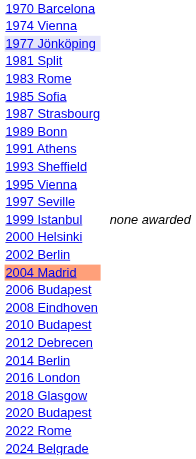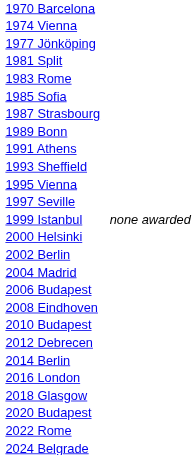 <table>
 <tr>
 <td><a href='#'>1970 Barcelona</a></td>
 <td></td>
 <td></td>
 <td></td>
 </tr>
 <tr>
 <td><a href='#'>1974 Vienna</a></td>
 <td></td>
 <td></td>
 <td></td>
 </tr>
 <tr>
-<td style="background: lavender;"><a href='#'>1977 Jönköping</a></td>
+<td><a href='#'>1977 Jönköping</a></td>
 <td></td>
 <td></td>
 <td></td>
 </tr>
 <tr>
 <td><a href='#'>1981 Split</a></td>
 <td></td>
 <td></td>
 <td></td>
 </tr>
 <tr>
 <td><a href='#'>1983 Rome</a></td>
 <td></td>
 <td></td>
 <td></td>
 </tr>
 <tr>
 <td><a href='#'>1985 Sofia</a></td>
 <td></td>
 <td></td>
 <td></td>
 </tr>
 <tr>
 <td><a href='#'>1987 Strasbourg</a></td>
 <td></td>
 <td></td>
 <td></td>
 </tr>
 <tr>
 <td><a href='#'>1989 Bonn</a></td>
 <td></td>
 <td></td>
 <td></td>
 </tr>
 <tr>
 <td><a href='#'>1991 Athens</a></td>
 <td></td>
 <td></td>
 <td></td>
 </tr>
 <tr>
 <td><a href='#'>1993 Sheffield</a></td>
 <td></td>
 <td></td>
 <td></td>
 </tr>
 <tr>
 <td><a href='#'>1995 Vienna</a></td>
 <td></td>
 <td></td>
 <td></td>
 </tr>
 <tr>
 <td><a href='#'>1997 Seville</a></td>
 <td></td>
 <td></td>
 <td></td>
 </tr>
 <tr>
 <td rowspan=2><a href='#'>1999 Istanbul</a></td>
 <td rowspan=2></td>
 <td></td>
 <td rowspan=2><em>none awarded</em></td>
 </tr>
 <tr>
 <td></td>
 </tr>
 <tr>
 <td><a href='#'>2000 Helsinki</a></td>
 <td></td>
 <td></td>
 <td></td>
 </tr>
 <tr>
 <td><a href='#'>2002 Berlin</a></td>
 <td></td>
 <td></td>
 <td></td>
 </tr>
 <tr>
-<td style="background: lightsalmon;"><a href='#'>2004 Madrid</a></td>
+<td><a href='#'>2004 Madrid</a></td>
 <td></td>
 <td></td>
 <td></td>
 </tr>
 <tr>
 <td><a href='#'>2006 Budapest</a></td>
 <td></td>
 <td></td>
 <td></td>
 </tr>
 <tr>
 <td><a href='#'>2008 Eindhoven</a></td>
 <td></td>
 <td></td>
 <td></td>
 </tr>
 <tr>
 <td><a href='#'>2010 Budapest</a></td>
 <td></td>
 <td></td>
 <td></td>
 </tr>
 <tr>
 <td><a href='#'>2012 Debrecen</a></td>
 <td></td>
 <td></td>
 <td></td>
 </tr>
 <tr>
 <td><a href='#'>2014 Berlin</a></td>
 <td></td>
 <td></td>
 <td></td>
 </tr>
 <tr>
 <td><a href='#'>2016 London</a></td>
 <td></td>
 <td></td>
 <td></td>
 </tr>
 <tr>
 <td><a href='#'>2018 Glasgow</a></td>
 <td></td>
 <td></td>
 <td></td>
 </tr>
 <tr>
 <td><a href='#'>2020 Budapest</a></td>
 <td></td>
 <td></td>
 <td></td>
 </tr>
 <tr>
 <td><a href='#'>2022 Rome</a></td>
 <td></td>
 <td></td>
 <td></td>
 </tr>
 <tr>
 <td><a href='#'>2024 Belgrade</a></td>
 <td></td>
 <td></td>
 <td></td>
 </tr>
 </table>
